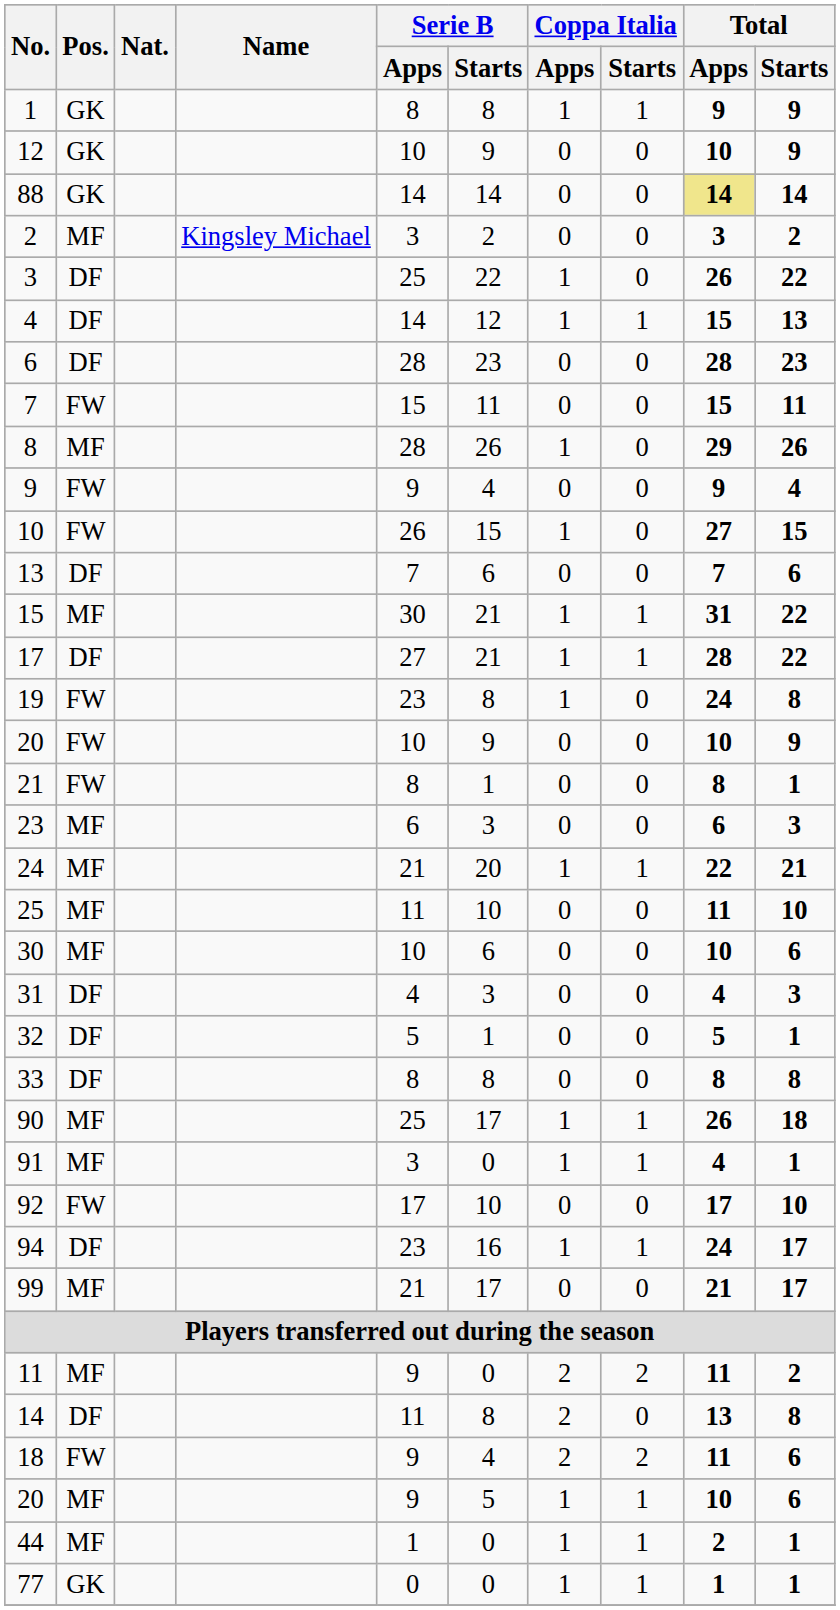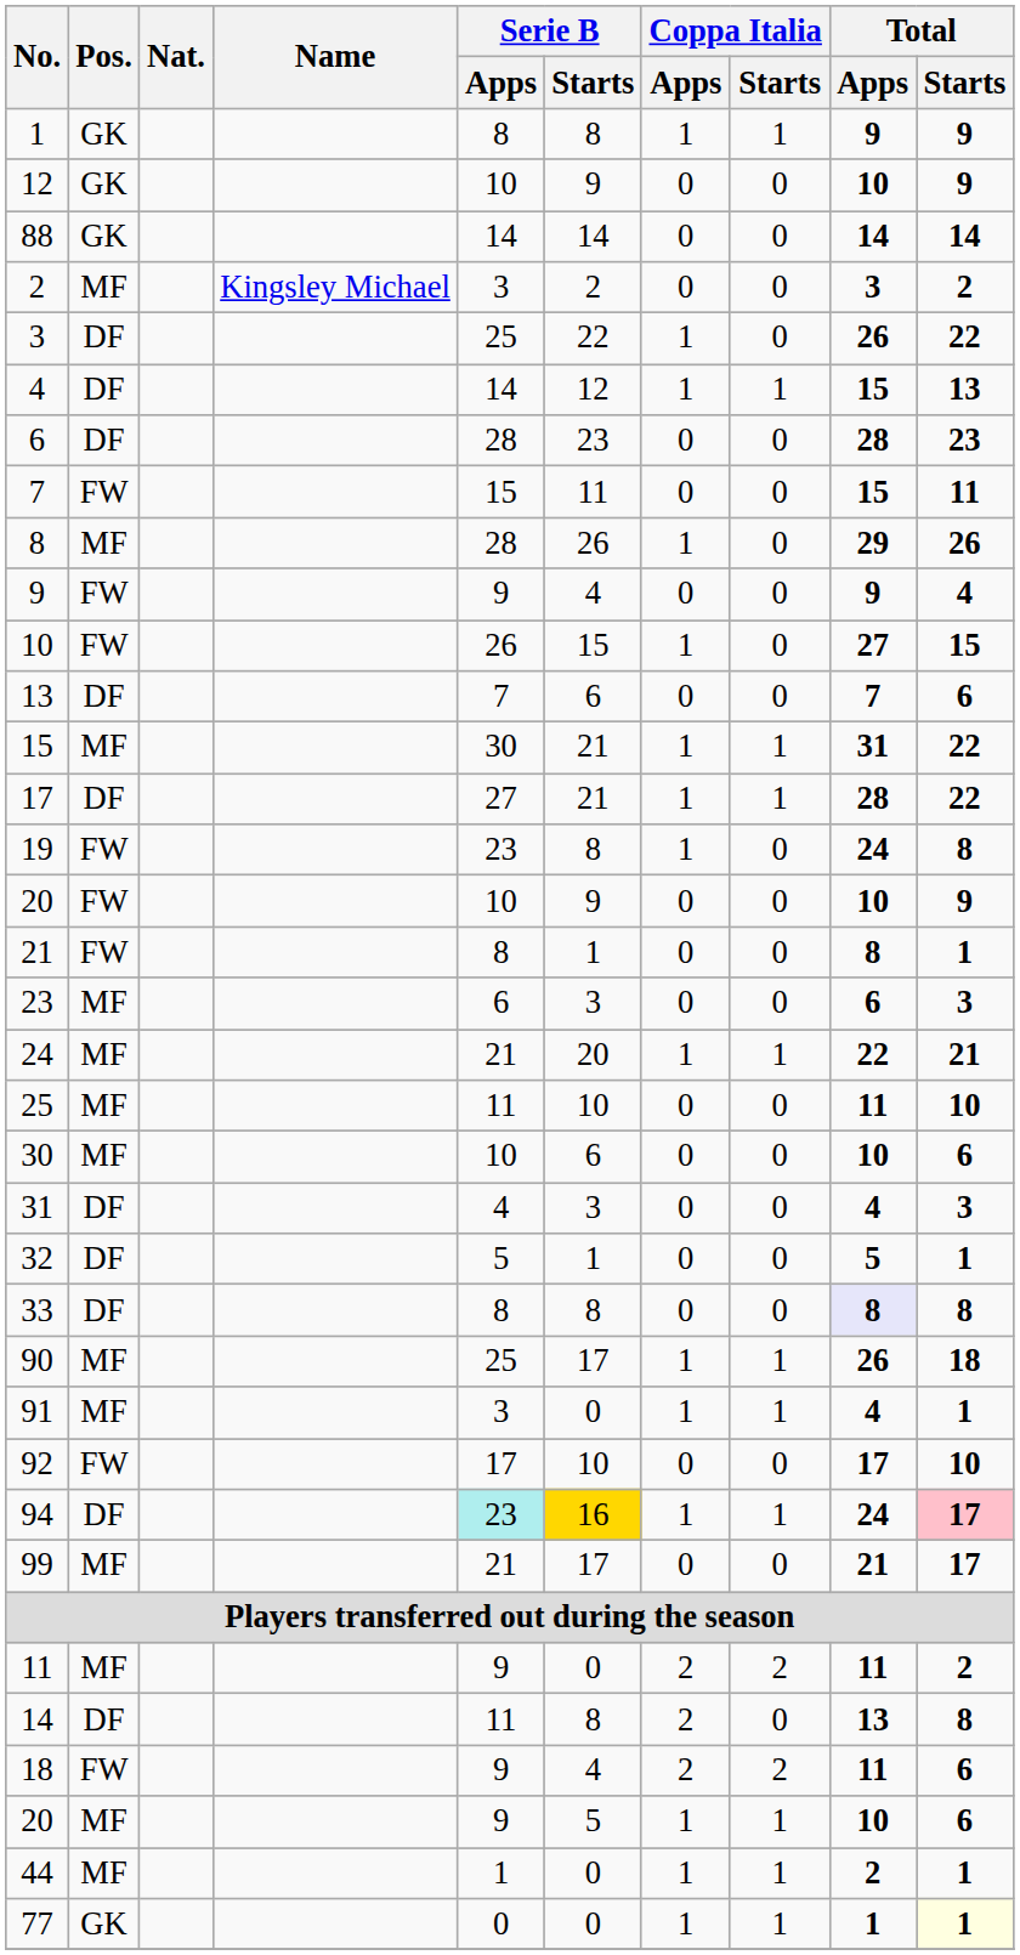 <table class="wikitable sortable" style="text-align:center">
 <tr>
 <th rowspan="2">No.</th>
 <th rowspan="2">Pos.</th>
 <th rowspan="2">Nat.</th>
 <th rowspan="2">Name</th>
 <th colspan="2"><a href='#'>Serie B</a></th>
 <th colspan="2"><a href='#'>Coppa Italia</a></th>
 <th colspan="2">Total</th>
 </tr>
 <tr>
 <th>Apps</th>
 <th>Starts</th>
 <th>Apps</th>
 <th>Starts</th>
 <th>Apps</th>
 <th>Starts</th>
 </tr>
 <tr>
 <td>1</td>
 <td>GK</td>
 <td></td>
 <td align=left></td>
 <td>8</td>
 <td>8</td>
 <td>1</td>
 <td>1</td>
 <td><strong>9</strong></td>
 <td><strong>9</strong></td>
 </tr>
 <tr>
 <td>12</td>
 <td>GK</td>
 <td></td>
 <td align=left></td>
 <td>10</td>
 <td>9</td>
 <td>0</td>
 <td>0</td>
 <td><strong>10</strong></td>
 <td><strong>9</strong></td>
 </tr>
 <tr>
 <td>88</td>
 <td>GK</td>
 <td></td>
 <td align=left></td>
 <td>14</td>
 <td>14</td>
 <td>0</td>
 <td>0</td>
-<td style="background: khaki;"><strong>14</strong></td>
+<td><strong>14</strong></td>
 <td><strong>14</strong></td>
 </tr>
 <tr>
 <td>2</td>
 <td>MF</td>
 <td></td>
 <td><a href='#'>Kingsley Michael</a></td>
 <td>3</td>
 <td>2</td>
 <td>0</td>
 <td>0</td>
 <td><strong>3</strong></td>
 <td><strong>2</strong></td>
 </tr>
 <tr>
 <td>3</td>
 <td>DF</td>
 <td></td>
 <td align="left"></td>
 <td>25</td>
 <td>22</td>
 <td>1</td>
 <td>0</td>
 <td><strong>26</strong></td>
 <td><strong>22</strong></td>
 </tr>
 <tr>
 <td>4</td>
 <td>DF</td>
 <td></td>
 <td align="left"></td>
 <td>14</td>
 <td>12</td>
 <td>1</td>
 <td>1</td>
 <td><strong>15</strong></td>
 <td><strong>13</strong></td>
 </tr>
 <tr>
 <td>6</td>
 <td>DF</td>
 <td></td>
 <td align="left"></td>
 <td>28</td>
 <td>23</td>
 <td>0</td>
 <td>0</td>
 <td><strong>28</strong></td>
 <td><strong>23</strong></td>
 </tr>
 <tr>
 <td>7</td>
 <td>FW</td>
 <td></td>
 <td align="left"></td>
 <td>15</td>
 <td>11</td>
 <td>0</td>
 <td>0</td>
 <td><strong>15</strong></td>
 <td><strong>11</strong></td>
 </tr>
 <tr>
 <td>8</td>
 <td>MF</td>
 <td></td>
 <td align="left"></td>
 <td>28</td>
 <td>26</td>
 <td>1</td>
 <td>0</td>
 <td><strong>29</strong></td>
 <td><strong>26</strong></td>
 </tr>
 <tr>
 <td>9</td>
 <td>FW</td>
 <td></td>
 <td align="left"></td>
 <td>9</td>
 <td>4</td>
 <td>0</td>
 <td>0</td>
 <td><strong>9</strong></td>
 <td><strong>4</strong></td>
 </tr>
 <tr>
 <td>10</td>
 <td>FW</td>
 <td></td>
 <td align="left"></td>
 <td>26</td>
 <td>15</td>
 <td>1</td>
 <td>0</td>
 <td><strong>27</strong></td>
 <td><strong>15</strong></td>
 </tr>
 <tr>
 <td>13</td>
 <td>DF</td>
 <td></td>
 <td align=left></td>
 <td>7</td>
 <td>6</td>
 <td>0</td>
 <td>0</td>
 <td><strong>7</strong></td>
 <td><strong>6</strong></td>
 </tr>
 <tr>
 <td>15</td>
 <td>MF</td>
 <td></td>
 <td align=left></td>
 <td>30</td>
 <td>21</td>
 <td>1</td>
 <td>1</td>
 <td><strong>31</strong></td>
 <td><strong>22</strong></td>
 </tr>
 <tr>
 <td>17</td>
 <td>DF</td>
 <td></td>
 <td align=left></td>
 <td>27</td>
 <td>21</td>
 <td>1</td>
 <td>1</td>
 <td><strong>28</strong></td>
 <td><strong>22</strong></td>
 </tr>
 <tr>
 <td>19</td>
 <td>FW</td>
 <td></td>
 <td align=left></td>
 <td>23</td>
 <td>8</td>
 <td>1</td>
 <td>0</td>
 <td><strong>24</strong></td>
 <td><strong>8</strong></td>
 </tr>
 <tr>
 <td>20</td>
 <td>FW</td>
 <td></td>
 <td align=left></td>
 <td>10</td>
 <td>9</td>
 <td>0</td>
 <td>0</td>
 <td><strong>10</strong></td>
 <td><strong>9</strong></td>
 </tr>
 <tr>
 <td>21</td>
 <td>FW</td>
 <td></td>
 <td align=left></td>
 <td>8</td>
 <td>1</td>
 <td>0</td>
 <td>0</td>
 <td><strong>8</strong></td>
 <td><strong>1</strong></td>
 </tr>
 <tr>
 <td>23</td>
 <td>MF</td>
 <td></td>
 <td align=left></td>
 <td>6</td>
 <td>3</td>
 <td>0</td>
 <td>0</td>
 <td><strong>6</strong></td>
 <td><strong>3</strong></td>
 </tr>
 <tr>
 <td>24</td>
 <td>MF</td>
 <td></td>
 <td align=left></td>
 <td>21</td>
 <td>20</td>
 <td>1</td>
 <td>1</td>
 <td><strong>22</strong></td>
 <td><strong>21</strong></td>
 </tr>
 <tr>
 <td>25</td>
 <td>MF</td>
 <td></td>
 <td align=left></td>
 <td>11</td>
 <td>10</td>
 <td>0</td>
 <td>0</td>
 <td><strong>11</strong></td>
 <td><strong>10</strong></td>
 </tr>
 <tr>
 <td>30</td>
 <td>MF</td>
 <td></td>
 <td align=left></td>
 <td>10</td>
 <td>6</td>
 <td>0</td>
 <td>0</td>
 <td><strong>10</strong></td>
 <td><strong>6</strong></td>
 </tr>
 <tr>
 <td>31</td>
 <td>DF</td>
 <td></td>
 <td align=left></td>
 <td>4</td>
 <td>3</td>
 <td>0</td>
 <td>0</td>
 <td><strong>4</strong></td>
 <td><strong>3</strong></td>
 </tr>
 <tr>
 <td>32</td>
 <td>DF</td>
 <td></td>
 <td align=left></td>
 <td>5</td>
 <td>1</td>
 <td>0</td>
 <td>0</td>
 <td><strong>5</strong></td>
 <td><strong>1</strong></td>
 </tr>
 <tr>
 <td>33</td>
 <td>DF</td>
 <td></td>
 <td align=left></td>
 <td>8</td>
 <td>8</td>
 <td>0</td>
 <td>0</td>
-<td><strong>8</strong></td>
+<td style="background: lavender;"><strong>8</strong></td>
 <td><strong>8</strong></td>
 </tr>
 <tr>
 <td>90</td>
 <td>MF</td>
 <td></td>
 <td align=left></td>
 <td>25</td>
 <td>17</td>
 <td>1</td>
 <td>1</td>
 <td><strong>26</strong></td>
 <td><strong>18</strong></td>
 </tr>
 <tr>
 <td>91</td>
 <td>MF</td>
 <td></td>
 <td align=left></td>
 <td>3</td>
 <td>0</td>
 <td>1</td>
 <td>1</td>
 <td><strong>4</strong></td>
 <td><strong>1</strong></td>
 </tr>
 <tr>
 <td>92</td>
 <td>FW</td>
 <td></td>
 <td align=left></td>
 <td>17</td>
 <td>10</td>
 <td>0</td>
 <td>0</td>
 <td><strong>17</strong></td>
 <td><strong>10</strong></td>
 </tr>
 <tr>
 <td>94</td>
 <td>DF</td>
 <td></td>
 <td align=left></td>
-<td>23</td>
-<td>16</td>
+<td style="background: paleturquoise;">23</td>
+<td style="background: gold;">16</td>
 <td>1</td>
 <td>1</td>
 <td><strong>24</strong></td>
-<td><strong>17</strong></td>
+<td style="background: pink;"><strong>17</strong></td>
 </tr>
 <tr>
 <td>99</td>
 <td>MF</td>
 <td></td>
 <td align=left></td>
 <td>21</td>
 <td>17</td>
 <td>0</td>
 <td>0</td>
 <td><strong>21</strong></td>
 <td><strong>17</strong></td>
 </tr>
 <tr>
 <th colspan=14 style=background:#dcdcdc; text-align:center>Players transferred out during the season</th>
 </tr>
 <tr>
 <td>11</td>
 <td>MF</td>
 <td></td>
 <td align=left></td>
 <td>9</td>
 <td>0</td>
 <td>2</td>
 <td>2</td>
 <td><strong>11</strong></td>
 <td><strong>2</strong></td>
 </tr>
 <tr>
 <td>14</td>
 <td>DF</td>
 <td></td>
 <td align=left></td>
 <td>11</td>
 <td>8</td>
 <td>2</td>
 <td>0</td>
 <td><strong>13</strong></td>
 <td><strong>8</strong></td>
 </tr>
 <tr>
 <td>18</td>
 <td>FW</td>
 <td></td>
 <td align=left></td>
 <td>9</td>
 <td>4</td>
 <td>2</td>
 <td>2</td>
 <td><strong>11</strong></td>
 <td><strong>6</strong></td>
 </tr>
 <tr>
 <td>20</td>
 <td>MF</td>
 <td></td>
 <td align=left></td>
 <td>9</td>
 <td>5</td>
 <td>1</td>
 <td>1</td>
 <td><strong>10</strong></td>
 <td><strong>6</strong></td>
 </tr>
 <tr>
 <td>44</td>
 <td>MF</td>
 <td></td>
 <td align=left></td>
 <td>1</td>
 <td>0</td>
 <td>1</td>
 <td>1</td>
 <td><strong>2</strong></td>
 <td><strong>1</strong></td>
 </tr>
 <tr>
 <td>77</td>
 <td>GK</td>
 <td></td>
 <td align=left></td>
 <td>0</td>
 <td>0</td>
 <td>1</td>
 <td>1</td>
 <td><strong>1</strong></td>
-<td><strong>1</strong></td>
+<td style="background: lightyellow;"><strong>1</strong></td>
 </tr>
 <tr>
 </tr>
 </table>
